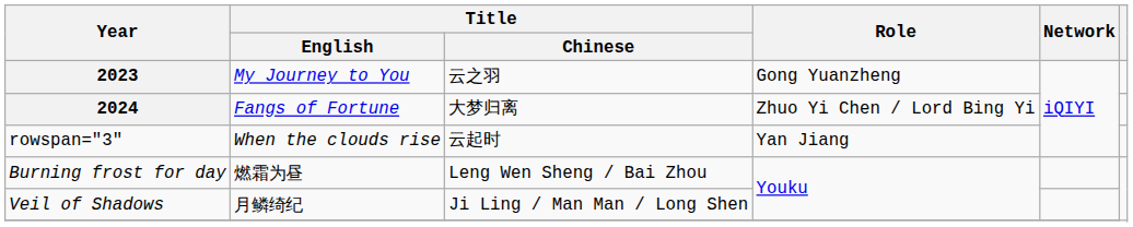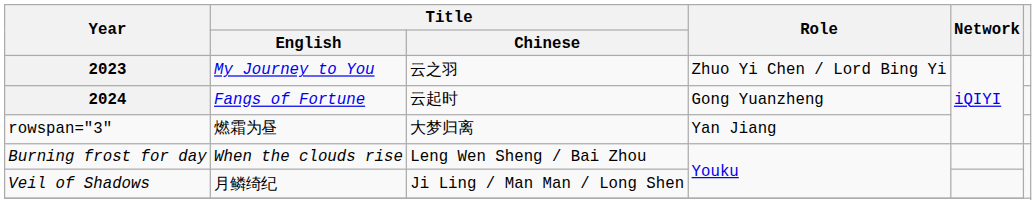 <table class="wikitable sortable plainrowheaders">
 <tr>
 <th scope="col" rowspan="2">Year</th>
 <th scope="col" colspan="2">Title</th>
 <th scope="col" rowspan="2">Role</th>
 <th scope="col" rowspan="2">Network</th>
 <th scope="col" class="unsortable" rowspan="2"></th>
 </tr>
 <tr>
 <th scope="col">English</th>
 <th scope="col">Chinese</th>
 </tr>
 <tr>
 <th scope="row">2023</th>
 <td><em><a href='#'>My Journey to You</a></em></td>
 <td>云之羽</td>
-<td>Gong Yuanzheng</td>
+<td>Zhuo Yi Chen / Lord Bing Yi</td>
 <td rowspan="3"><a href='#'>iQIYI</a></td>
 <td></td>
 </tr>
 <tr>
 <th scope="row">2024</th>
 <td><em><a href='#'>Fangs of Fortune</a></em></td>
-<td>大梦归离</td>
-<td>Zhuo Yi Chen / Lord Bing Yi</td>
+<td>云起时</td>
+<td>Gong Yuanzheng</td>
 <td></td>
 </tr>
 <tr>
 <td>rowspan="3" </td>
-<td><em>When the clouds rise</em></td>
-<td>云起时</td>
+<td>燃霜为昼</td>
+<td>大梦归离</td>
 <td>Yan Jiang</td>
 <td></td>
 </tr>
 <tr>
 <td><em>Burning frost for day</em></td>
-<td>燃霜为昼</td>
+<td><em>When the clouds rise</em></td>
 <td>Leng Wen Sheng / Bai Zhou</td>
 <td rowspan="2"><a href='#'>Youku</a></td>
 <td></td>
 </tr>
 <tr>
 <td><em>Veil of Shadows</em></td>
 <td>月鳞绮纪</td>
 <td>Ji Ling / Man Man / Long Shen</td>
 <td></td>
 </tr>
 <tr>
 </tr>
 </table>
